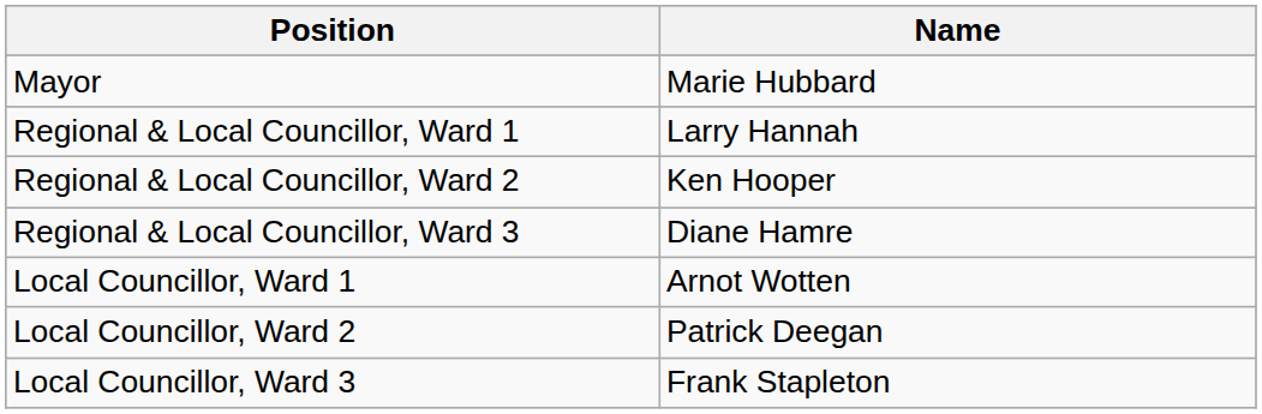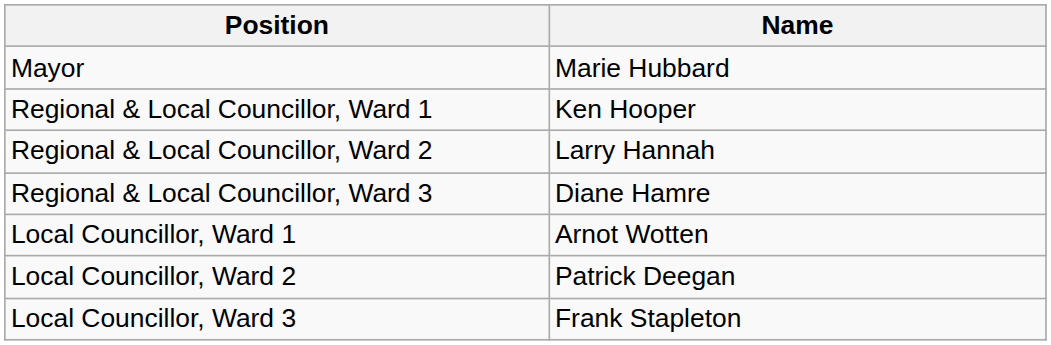 <table class="wikitable" style="width:50%;">
 <tr>
 <th bgcolor="#DDDDFF" width="50px">Position</th>
 <th bgcolor="#DDDDFF" width="50px">Name</th>
 </tr>
 <tr>
 <td>Mayor</td>
 <td>Marie Hubbard</td>
 </tr>
 <tr>
 <td>Regional & Local Councillor, Ward 1</td>
-<td>Larry Hannah</td>
+<td>Ken Hooper</td>
 </tr>
 <tr>
 <td>Regional & Local Councillor, Ward 2</td>
-<td>Ken Hooper</td>
+<td>Larry Hannah</td>
 </tr>
 <tr>
 <td>Regional & Local Councillor, Ward 3</td>
 <td>Diane Hamre</td>
 </tr>
 <tr>
 <td>Local Councillor, Ward 1</td>
 <td>Arnot Wotten</td>
 </tr>
 <tr>
 <td>Local Councillor, Ward 2</td>
 <td>Patrick Deegan</td>
 </tr>
 <tr>
 <td>Local Councillor, Ward 3</td>
 <td>Frank Stapleton</td>
 </tr>
 </table>
